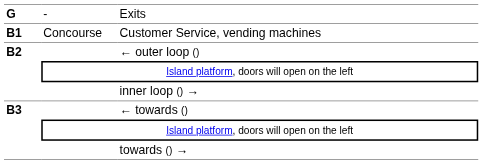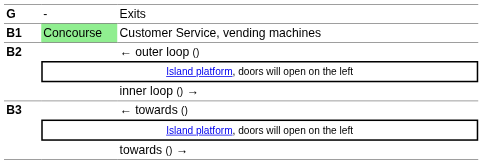 <table table border=0 cellspacing=0 cellpadding=3>
 <tr>
 <td style="border-top:solid 1px gray;" width=50 valign=top><strong>G</strong></td>
 <td style="border-top:solid 1px gray;" width=100 valign=top>-</td>
 <td style="border-top:solid 1px gray;" width=600 valign=top>Exits</td>
 </tr>
 <tr>
 <td style="border-bottom:solid 1px gray; border-top:solid 1px gray;" valign=top width=50><strong>B1</strong></td>
-<td style="border-bottom:solid 1px gray; border-top:solid 1px gray;" valign=top width=100>Concourse<br></td>
+<td style="background: lightgreen; border-bottom:solid 1px gray; border-top:solid 1px gray;" valign=top width=100>Concourse<br></td>
 <td style="border-bottom:solid 1px gray; border-top:solid 1px gray;" valign=top width=390>Customer Service, vending machines</td>
 </tr>
 <tr>
 <td style="border-bottom:solid 1px gray;" rowspan="3" valign=top><strong>B2</strong></td>
 <td></td>
 <td>←  outer loop <small>()</small></td>
 </tr>
 <tr>
 <td style="border-right:solid 2px black;border-left:solid 2px black;border-top:solid 2px black;border-bottom:solid 2px black;text-align:center;" colspan=2><small><a href='#'>Island platform</a>, doors will open on the left</small></td>
 </tr>
 <tr>
 <td style="border-bottom:solid 1px gray;"></td>
 <td style="border-bottom:solid 1px gray;">  inner loop <small>()</small> →</td>
 </tr>
 <tr>
 <td style="border-bottom:solid 1px gray;" rowspan="3" valign=top><strong>B3</strong></td>
 <td></td>
 <td>←  towards  <small>()</small></td>
 </tr>
 <tr>
 <td style="border-right:solid 2px black;border-left:solid 2px black;border-top:solid 2px black;border-bottom:solid 2px black;text-align:center;" colspan=2><small><a href='#'>Island platform</a>, doors will open on the left</small></td>
 </tr>
 <tr>
 <td style="border-bottom:solid 1px gray;"></td>
 <td style="border-bottom:solid 1px gray;">  towards  <small>()</small> →</td>
 </tr>
 </table>
